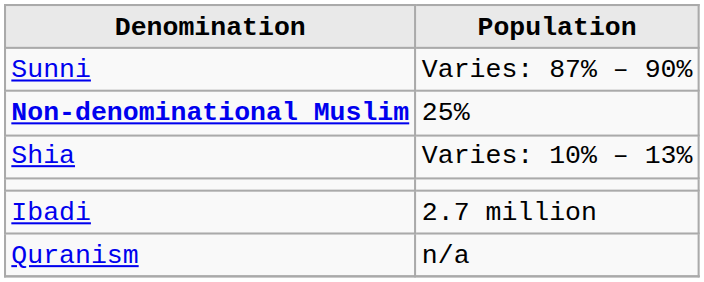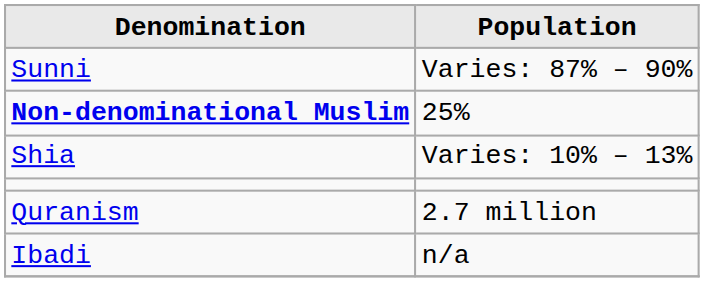 <table class="wikitable" style="text-align:left;">
 <tr>
 <th style="background-color:#E9E9E9" align=left valign=top>Denomination</th>
 <th style="background-color:#E9E9E9">Population</th>
 </tr>
 <tr>
 <td><a href='#'>Sunni</a></td>
 <td>Varies: 87% – 90%</td>
 </tr>
 <tr>
 <td><strong><a href='#'>Non-denominational Muslim</a></strong></td>
 <td>25%</td>
 </tr>
 <tr>
 <td><a href='#'>Shia</a></td>
 <td>Varies: 10% – 13%</td>
 </tr>
 <tr>
 <td></td>
 <td></td>
 </tr>
 <tr>
-<td><a href='#'>Ibadi</a></td>
+<td><a href='#'>Quranism</a></td>
 <td>2.7 million</td>
 </tr>
 <tr>
-<td><a href='#'>Quranism</a></td>
+<td><a href='#'>Ibadi</a></td>
 <td>n/a</td>
 </tr>
 <tr>
 </tr>
 </table>
